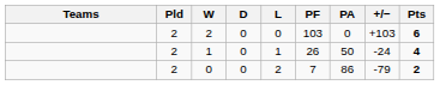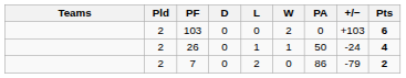 <table class="wikitable" style="text-align: center;">
 <tr>
 <th width="200">Teams</th>
 <th width="40">Pld</th>
-<th width="40">W</th>
+<th width="40">PF</th>
 <th width="40">D</th>
 <th width="40">L</th>
-<th width="40">PF</th>
+<th width="40">W</th>
 <th width="40">PA</th>
 <th width="40">+/−</th>
 <th width="40">Pts</th>
 </tr>
 <tr>
 <td align=left></td>
 <td>2</td>
-<td>2</td>
+<td>103</td>
 <td>0</td>
 <td>0</td>
-<td>103</td>
+<td>2</td>
 <td>0</td>
 <td>+103</td>
 <td><strong>6</strong></td>
 </tr>
 <tr>
 <td align=left></td>
 <td>2</td>
-<td>1</td>
+<td>26</td>
 <td>0</td>
 <td>1</td>
-<td>26</td>
+<td>1</td>
 <td>50</td>
 <td>-24</td>
 <td><strong>4</strong></td>
 </tr>
 <tr>
 <td align=left></td>
 <td>2</td>
-<td>0</td>
+<td>7</td>
 <td>0</td>
 <td>2</td>
-<td>7</td>
+<td>0</td>
 <td>86</td>
 <td>-79</td>
 <td><strong>2</strong></td>
 </tr>
 </table>
